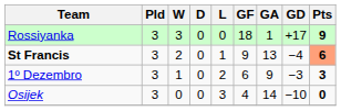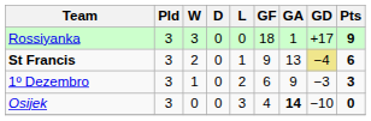 <table class="wikitable" style="text-align: center;">
 <tr>
 <th width=165>Team</th>
 <th width=20>Pld</th>
 <th width=20>W</th>
 <th width=20>D</th>
 <th width=20>L</th>
 <th width=20>GF</th>
 <th width=20>GA</th>
 <th width=20>GD</th>
 <th width=20>Pts</th>
 </tr>
 <tr align="center" style="background:#ccffcc;">
 <td align="left"> <a href='#'>Rossiyanka</a></td>
 <td>3</td>
 <td>3</td>
 <td>0</td>
 <td>0</td>
 <td>18</td>
 <td>1</td>
 <td>+17</td>
 <td><strong>9</strong></td>
 </tr>
 <tr align="center">
 <td align="left"> <strong>St Francis</strong></td>
 <td>3</td>
 <td>2</td>
 <td>0</td>
 <td>1</td>
 <td>9</td>
 <td>13</td>
-<td>−4</td>
-<td style="background: lightsalmon;"><strong>6</strong></td>
+<td style="background: khaki;">−4</td>
+<td><strong>6</strong></td>
 </tr>
 <tr align="center">
 <td align="left"> <a href='#'>1º Dezembro</a></td>
 <td>3</td>
 <td>1</td>
 <td>0</td>
 <td>2</td>
 <td>6</td>
 <td>9</td>
 <td>−3</td>
 <td><strong>3</strong></td>
 </tr>
 <tr align="center">
 <td align="left"> <em><a href='#'>Osijek</a></em></td>
 <td>3</td>
 <td>0</td>
 <td>0</td>
 <td>3</td>
 <td>4</td>
-<td>14</td>
+<td><strong>14</strong></td>
 <td>−10</td>
 <td><strong>0</strong></td>
 </tr>
 <tr>
 </tr>
 </table>
